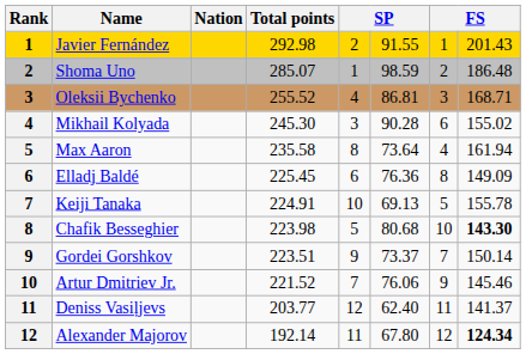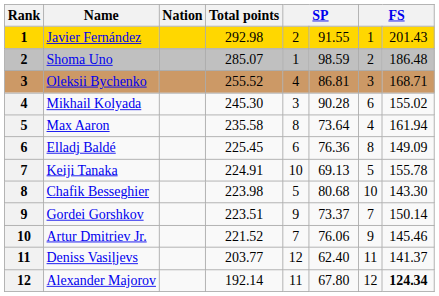 <table class="wikitable sortable">
 <tr>
 <th>Rank</th>
 <th>Name</th>
 <th>Nation</th>
 <th>Total points</th>
 <th colspan="2" width="80px"><a href='#'>SP</a></th>
 <th colspan="2" width="80px"><a href='#'>FS</a></th>
 </tr>
 <tr bgcolor="gold">
 <td align="center"><strong>1</strong></td>
 <td><a href='#'>Javier Fernández</a></td>
 <td></td>
 <td align="center">292.98</td>
 <td align="center">2</td>
 <td align="center">91.55</td>
 <td align="center">1</td>
 <td align="center">201.43</td>
 </tr>
 <tr bgcolor="silver">
 <td align="center"><strong>2</strong></td>
 <td><a href='#'>Shoma Uno</a></td>
 <td></td>
 <td align="center">285.07</td>
 <td align="center">1</td>
 <td align="center">98.59</td>
 <td align="center">2</td>
 <td align="center">186.48</td>
 </tr>
 <tr bgcolor="cc9966">
 <td align="center"><strong>3</strong></td>
 <td><a href='#'>Oleksii Bychenko</a></td>
 <td></td>
 <td align="center">255.52</td>
 <td align="center">4</td>
 <td align="center">86.81</td>
 <td align="center">3</td>
 <td align="center">168.71</td>
 </tr>
 <tr>
 <th>4</th>
 <td><a href='#'>Mikhail Kolyada</a></td>
 <td></td>
 <td align="center">245.30</td>
 <td align="center">3</td>
 <td align="center">90.28</td>
 <td align="center">6</td>
 <td align="center">155.02</td>
 </tr>
 <tr>
 <th>5</th>
 <td><a href='#'>Max Aaron</a></td>
 <td></td>
 <td align="center">235.58</td>
 <td align="center">8</td>
 <td align="center">73.64</td>
 <td align="center">4</td>
 <td align="center">161.94</td>
 </tr>
 <tr>
 <th>6</th>
 <td><a href='#'>Elladj Baldé</a></td>
 <td></td>
 <td align="center">225.45</td>
 <td align="center">6</td>
 <td align="center">76.36</td>
 <td align="center">8</td>
 <td align="center">149.09</td>
 </tr>
 <tr>
 <th>7</th>
 <td><a href='#'>Keiji Tanaka</a></td>
 <td></td>
 <td align="center">224.91</td>
 <td align="center">10</td>
 <td align="center">69.13</td>
 <td align="center">5</td>
 <td align="center">155.78</td>
 </tr>
 <tr>
 <th>8</th>
 <td><a href='#'>Chafik Besseghier</a></td>
 <td></td>
 <td align="center">223.98</td>
 <td align="center">5</td>
 <td align="center">80.68</td>
 <td align="center">10</td>
-<td align="center"><strong>143.30</strong></td>
+<td align="center">143.30</td>
 </tr>
 <tr>
 <th>9</th>
 <td><a href='#'>Gordei Gorshkov</a></td>
 <td></td>
 <td align="center">223.51</td>
 <td align="center">9</td>
 <td align="center">73.37</td>
 <td align="center">7</td>
 <td align="center">150.14</td>
 </tr>
 <tr>
 <th>10</th>
 <td><a href='#'>Artur Dmitriev Jr.</a></td>
 <td></td>
 <td align="center">221.52</td>
 <td align="center">7</td>
 <td align="center">76.06</td>
 <td align="center">9</td>
 <td align="center">145.46</td>
 </tr>
 <tr>
 <th>11</th>
 <td><a href='#'>Deniss Vasiļjevs</a></td>
 <td></td>
 <td align="center">203.77</td>
 <td align="center">12</td>
 <td align="center">62.40</td>
 <td align="center">11</td>
 <td align="center">141.37</td>
 </tr>
 <tr>
 <th>12</th>
 <td><a href='#'>Alexander Majorov</a></td>
 <td></td>
 <td align="center">192.14</td>
 <td align="center">11</td>
 <td align="center">67.80</td>
 <td align="center">12</td>
 <td align="center"><strong>124.34</strong></td>
 </tr>
 </table>
